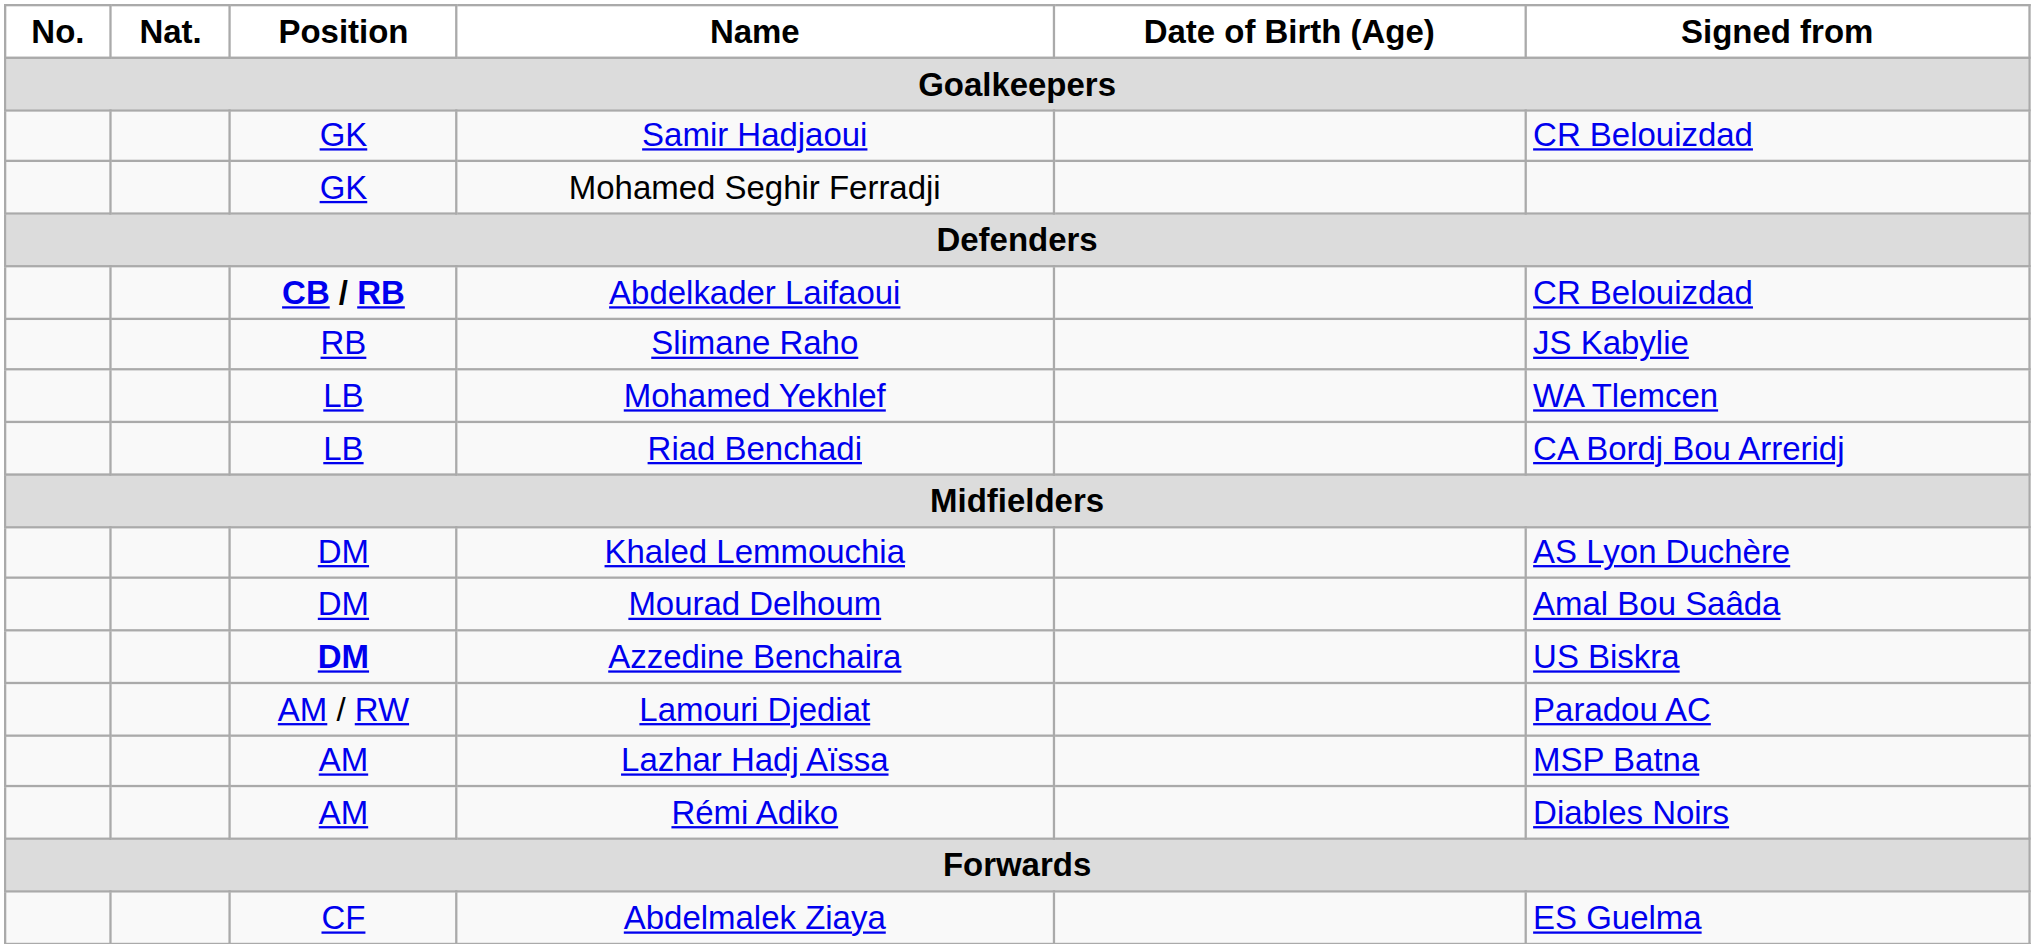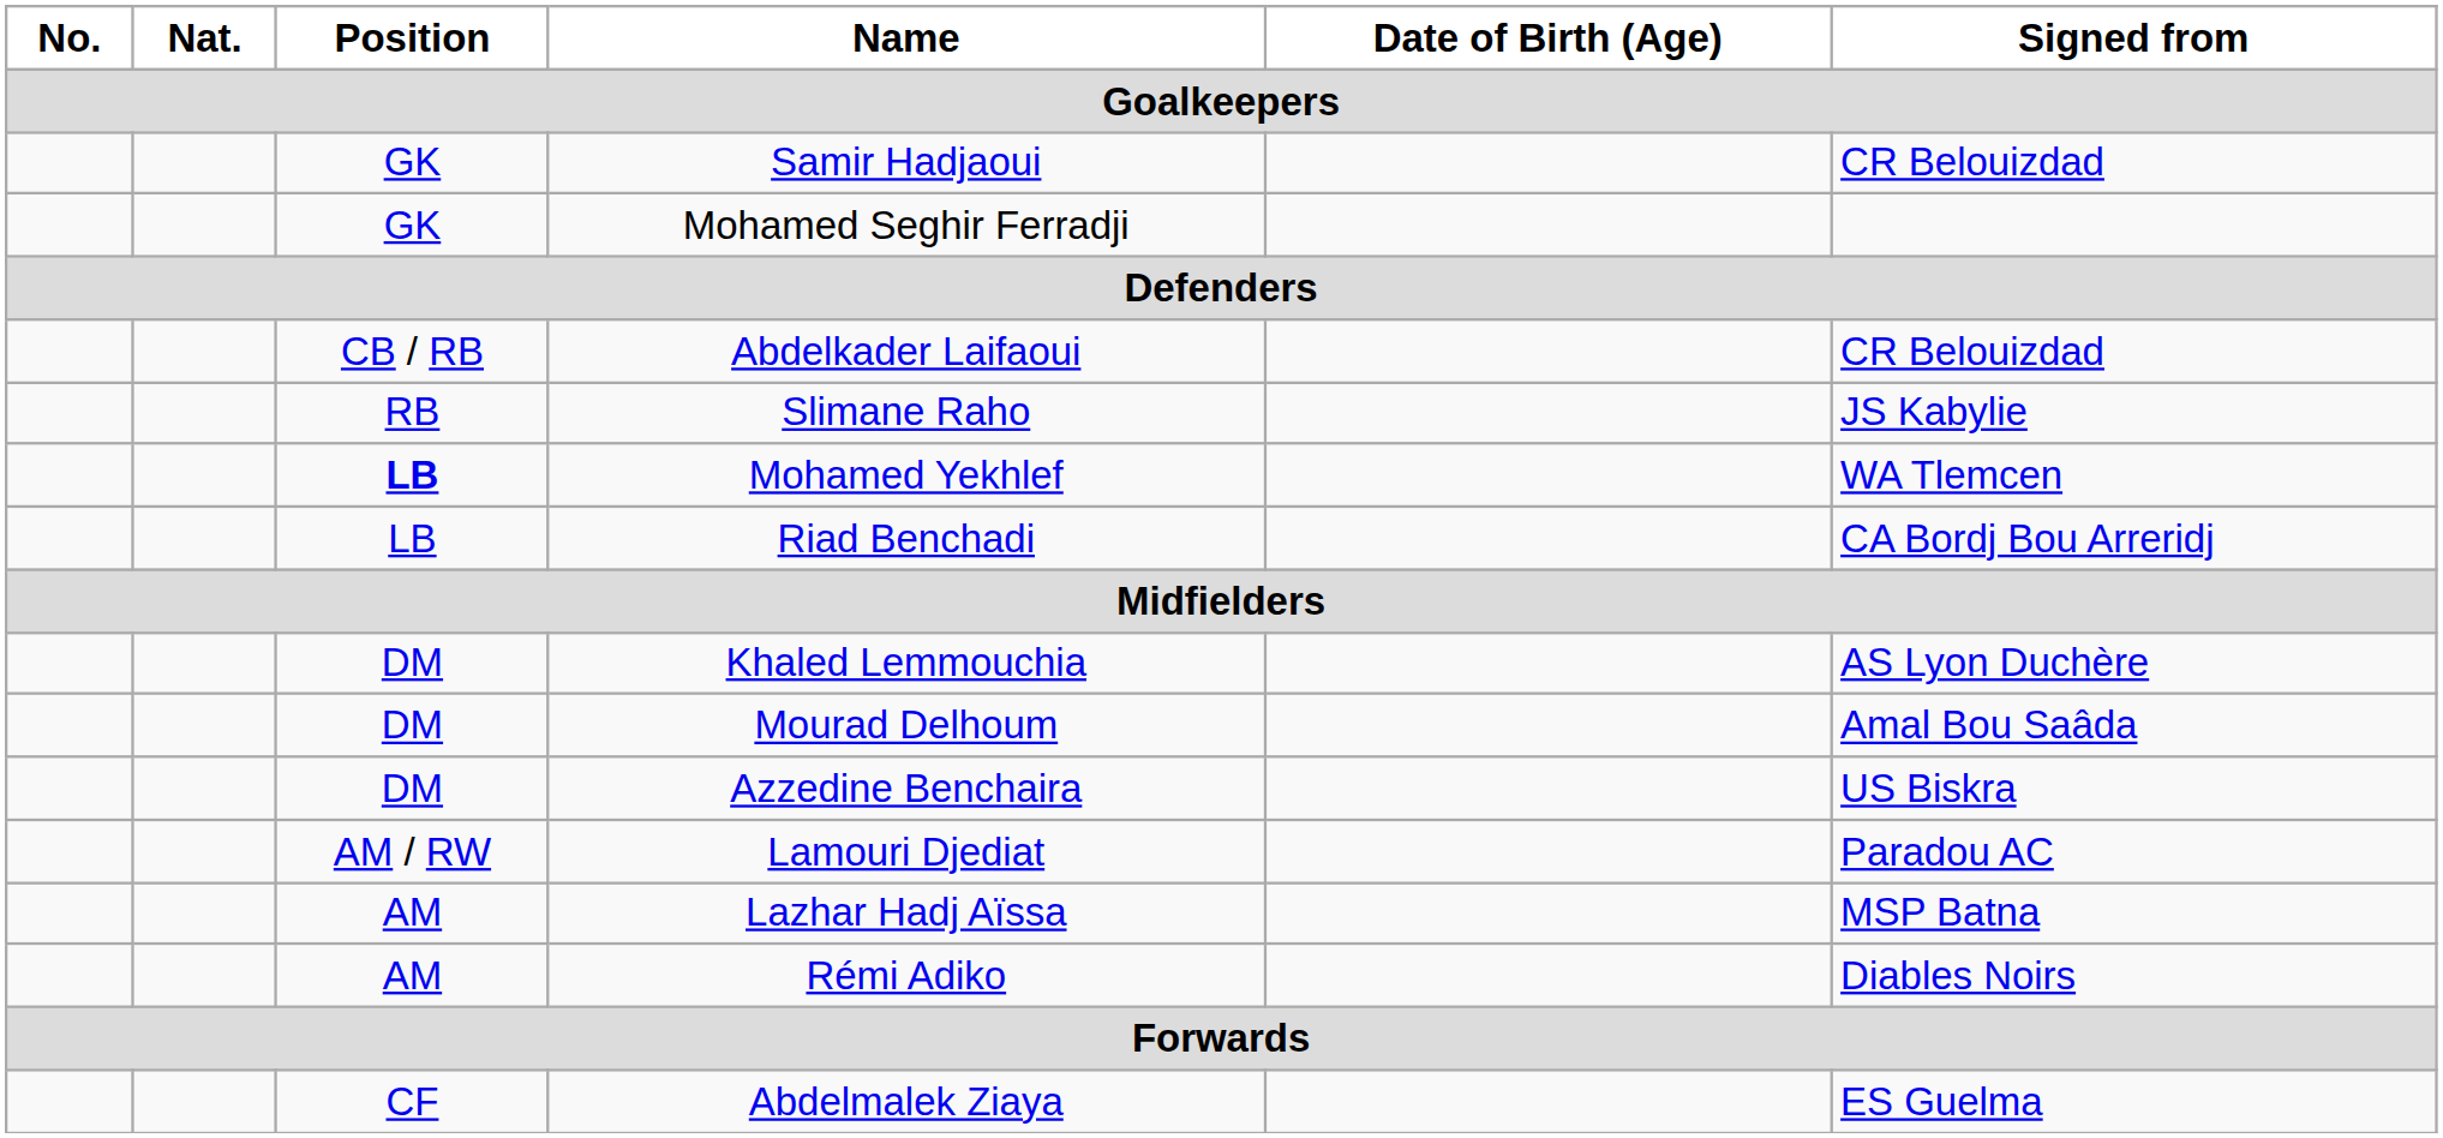 <table class="wikitable" style="text-align:center; font-size:90%; width:70%">
 <tr>
 <th style="background:white; color:black; text-align:center;">No.</th>
 <th style="background:white; color:black; text-align:center;">Nat.</th>
 <th style="background:white; color:black; text-align:center;">Position</th>
 <th style="background:white; color:black; text-align:center;">Name</th>
 <th style="background:white; color:black; text-align:center;">Date of Birth (Age)</th>
 <th style="background:white; color:black; text-align:center;">Signed from</th>
 </tr>
 <tr>
 <th colspan=10 style="background:#DCDCDC; text-align:center;">Goalkeepers</th>
 </tr>
 <tr>
 <td></td>
 <td></td>
 <td><a href='#'>GK</a></td>
 <td><a href='#'>Samir Hadjaoui</a></td>
 <td></td>
 <td style="text-align:left"> <a href='#'>CR Belouizdad</a></td>
 </tr>
 <tr>
 <td></td>
 <td></td>
 <td><a href='#'>GK</a></td>
 <td>Mohamed Seghir Ferradji</td>
 <td></td>
 <td style="text-align:left"></td>
 </tr>
 <tr>
 <th colspan=10 style="background:#DCDCDC; text-align:center;">Defenders</th>
 </tr>
 <tr>
 <td></td>
 <td></td>
-<td><strong><a href='#'>CB</a> / <a href='#'>RB</a></strong></td>
+<td><a href='#'>CB</a> / <a href='#'>RB</a></td>
 <td><a href='#'>Abdelkader Laifaoui</a></td>
 <td></td>
 <td style="text-align:left"> <a href='#'>CR Belouizdad</a></td>
 </tr>
 <tr>
 <td></td>
 <td></td>
 <td><a href='#'>RB</a></td>
 <td><a href='#'>Slimane Raho</a></td>
 <td></td>
 <td style="text-align:left"> <a href='#'>JS Kabylie</a></td>
 </tr>
 <tr>
 <td></td>
 <td></td>
-<td><a href='#'>LB</a></td>
+<td><strong><a href='#'>LB</a></strong></td>
 <td><a href='#'>Mohamed Yekhlef</a></td>
 <td></td>
 <td style="text-align:left"> <a href='#'>WA Tlemcen</a></td>
 </tr>
 <tr>
 <td></td>
 <td></td>
 <td><a href='#'>LB</a></td>
 <td><a href='#'>Riad Benchadi</a></td>
 <td></td>
 <td style="text-align:left"> <a href='#'>CA Bordj Bou Arreridj</a></td>
 </tr>
 <tr>
 <th colspan=10 style="background:#DCDCDC; text-align:center;">Midfielders</th>
 </tr>
 <tr>
 <td></td>
 <td></td>
 <td><a href='#'>DM</a></td>
 <td><a href='#'>Khaled Lemmouchia</a></td>
 <td></td>
 <td style="text-align:left"> <a href='#'>AS Lyon Duchère</a></td>
 </tr>
 <tr>
 <td></td>
 <td></td>
 <td><a href='#'>DM</a></td>
 <td><a href='#'>Mourad Delhoum</a></td>
 <td></td>
 <td style="text-align:left"> <a href='#'>Amal Bou Saâda</a></td>
 </tr>
 <tr>
 <td></td>
 <td></td>
-<td><strong><a href='#'>DM</a></strong></td>
+<td><a href='#'>DM</a></td>
 <td><a href='#'>Azzedine Benchaira</a></td>
 <td></td>
 <td style="text-align:left"> <a href='#'>US Biskra</a></td>
 </tr>
 <tr>
 <td></td>
 <td></td>
 <td><a href='#'>AM</a> / <a href='#'>RW</a></td>
 <td><a href='#'>Lamouri Djediat</a></td>
 <td></td>
 <td style="text-align:left"> <a href='#'>Paradou AC</a></td>
 </tr>
 <tr>
 <td></td>
 <td></td>
 <td><a href='#'>AM</a></td>
 <td><a href='#'>Lazhar Hadj Aïssa</a></td>
 <td></td>
 <td style="text-align:left"> <a href='#'>MSP Batna</a></td>
 </tr>
 <tr>
 <td></td>
 <td></td>
 <td><a href='#'>AM</a></td>
 <td><a href='#'>Rémi Adiko</a></td>
 <td></td>
 <td style="text-align:left"> <a href='#'>Diables Noirs</a></td>
 </tr>
 <tr>
 <th colspan=10 style="background:#DCDCDC; text-align:center;">Forwards</th>
 </tr>
 <tr>
 <td></td>
 <td></td>
 <td><a href='#'>CF</a></td>
 <td><a href='#'>Abdelmalek Ziaya</a></td>
 <td></td>
 <td style="text-align:left"> <a href='#'>ES Guelma</a></td>
 </tr>
 <tr>
 </tr>
 </table>
